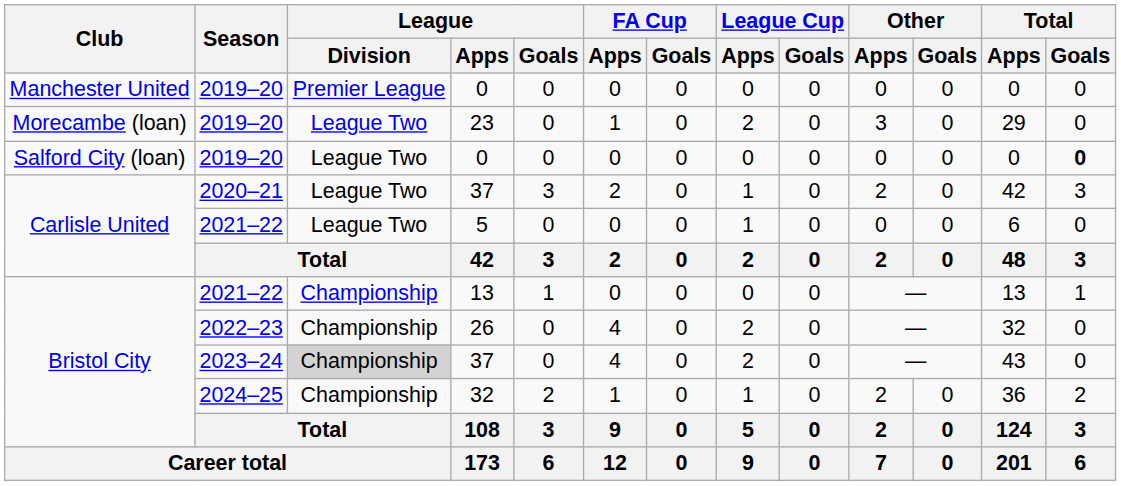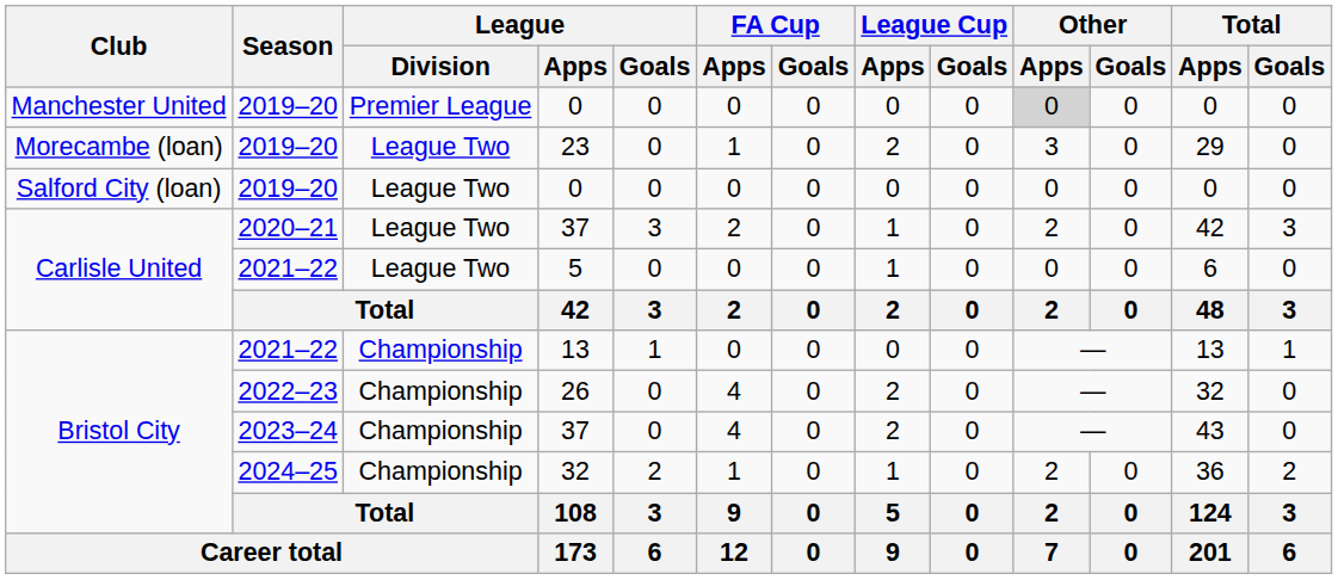 <table class="wikitable" style="text-align:center">
 <tr>
 <th rowspan="2">Club</th>
 <th rowspan="2">Season</th>
 <th colspan="3">League</th>
 <th colspan="2"><a href='#'>FA Cup</a></th>
 <th colspan="2"><a href='#'>League Cup</a></th>
 <th colspan="2">Other</th>
 <th colspan="2">Total</th>
 </tr>
 <tr>
 <th>Division</th>
 <th>Apps</th>
 <th>Goals</th>
 <th>Apps</th>
 <th>Goals</th>
 <th>Apps</th>
 <th>Goals</th>
 <th>Apps</th>
 <th>Goals</th>
 <th>Apps</th>
 <th>Goals</th>
 </tr>
 <tr>
 <td><a href='#'>Manchester United</a></td>
 <td><a href='#'>2019–20</a></td>
 <td><a href='#'>Premier League</a></td>
 <td>0</td>
 <td>0</td>
 <td>0</td>
 <td>0</td>
 <td>0</td>
 <td>0</td>
-<td>0</td>
+<td style="background: lightgrey;">0</td>
 <td>0</td>
 <td>0</td>
 <td>0</td>
 </tr>
 <tr>
 <td><a href='#'>Morecambe</a>  (loan)</td>
 <td><a href='#'>2019–20</a></td>
 <td><a href='#'>League Two</a></td>
 <td>23</td>
 <td>0</td>
 <td>1</td>
 <td>0</td>
 <td>2</td>
 <td>0</td>
 <td>3</td>
 <td>0</td>
 <td>29</td>
 <td>0</td>
 </tr>
 <tr>
 <td><a href='#'>Salford City</a>  (loan)</td>
 <td><a href='#'>2019–20</a></td>
 <td>League Two</td>
 <td>0</td>
 <td>0</td>
 <td>0</td>
 <td>0</td>
 <td>0</td>
 <td>0</td>
 <td>0</td>
 <td>0</td>
 <td>0</td>
-<td><strong>0</strong></td>
+<td>0</td>
 </tr>
 <tr>
 <td rowspan=3><a href='#'>Carlisle United</a></td>
 <td><a href='#'>2020–21</a></td>
 <td>League Two</td>
 <td>37</td>
 <td>3</td>
 <td>2</td>
 <td>0</td>
 <td>1</td>
 <td>0</td>
 <td>2</td>
 <td>0</td>
 <td>42</td>
 <td>3</td>
 </tr>
 <tr>
 <td><a href='#'>2021–22</a></td>
 <td>League Two</td>
 <td>5</td>
 <td>0</td>
 <td>0</td>
 <td>0</td>
 <td>1</td>
 <td>0</td>
 <td>0</td>
 <td>0</td>
 <td>6</td>
 <td>0</td>
 </tr>
 <tr>
 <th colspan="2">Total</th>
 <th>42</th>
 <th>3</th>
 <th>2</th>
 <th>0</th>
 <th>2</th>
 <th>0</th>
 <th>2</th>
 <th>0</th>
 <th>48</th>
 <th>3</th>
 </tr>
 <tr>
 <td rowspan="5"><a href='#'>Bristol City</a></td>
 <td><a href='#'>2021–22</a></td>
 <td><a href='#'>Championship</a></td>
 <td>13</td>
 <td>1</td>
 <td>0</td>
 <td>0</td>
 <td>0</td>
 <td>0</td>
 <td colspan=2>—</td>
 <td>13</td>
 <td>1</td>
 </tr>
 <tr>
 <td><a href='#'>2022–23</a></td>
 <td>Championship</td>
 <td>26</td>
 <td>0</td>
 <td>4</td>
 <td>0</td>
 <td>2</td>
 <td>0</td>
 <td colspan=2>—</td>
 <td>32</td>
 <td>0</td>
 </tr>
 <tr>
 <td><a href='#'>2023–24</a></td>
-<td style="background: lightgrey;">Championship</td>
+<td>Championship</td>
 <td>37</td>
 <td>0</td>
 <td>4</td>
 <td>0</td>
 <td>2</td>
 <td>0</td>
 <td colspan=2>—</td>
 <td>43</td>
 <td>0</td>
 </tr>
 <tr>
 <td><a href='#'>2024–25</a></td>
 <td>Championship</td>
 <td>32</td>
 <td>2</td>
 <td>1</td>
 <td>0</td>
 <td>1</td>
 <td>0</td>
 <td>2</td>
 <td>0</td>
 <td>36</td>
 <td>2</td>
 </tr>
 <tr>
 <th colspan="2">Total</th>
 <th>108</th>
 <th>3</th>
 <th>9</th>
 <th>0</th>
 <th>5</th>
 <th>0</th>
 <th>2</th>
 <th>0</th>
 <th>124</th>
 <th>3</th>
 </tr>
 <tr>
 <th colspan="3">Career total</th>
 <th>173</th>
 <th>6</th>
 <th>12</th>
 <th>0</th>
 <th>9</th>
 <th>0</th>
 <th>7</th>
 <th>0</th>
 <th>201</th>
 <th>6</th>
 </tr>
 </table>
